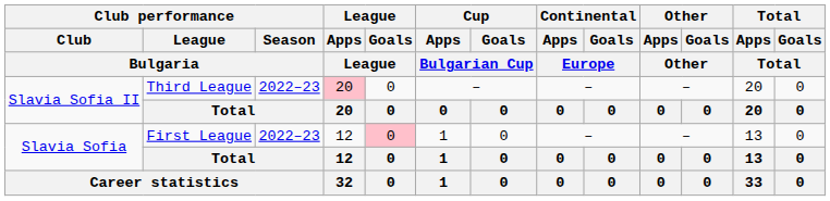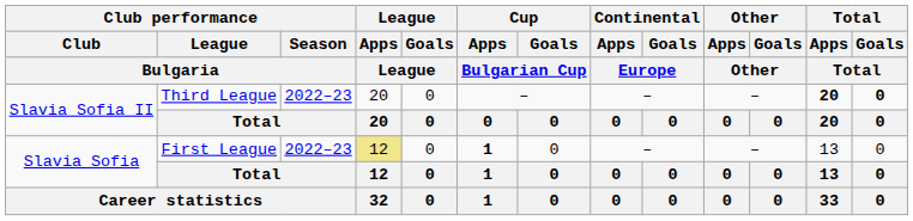 <table class="wikitable" style="text-align: center">
 <tr>
 <th Colspan="3">Club performance</th>
 <th Colspan="2">League</th>
 <th Colspan="2">Cup</th>
 <th Colspan="2">Continental</th>
 <th Colspan="2">Other</th>
 <th Colspan="3">Total</th>
 </tr>
 <tr>
 <th>Club</th>
 <th>League</th>
 <th>Season</th>
 <th>Apps</th>
 <th>Goals</th>
 <th>Apps</th>
 <th>Goals</th>
 <th>Apps</th>
 <th>Goals</th>
 <th>Apps</th>
 <th>Goals</th>
 <th>Apps</th>
 <th>Goals</th>
 </tr>
 <tr>
 <th Colspan="3">Bulgaria</th>
 <th Colspan="2">League</th>
 <th Colspan="2"><a href='#'>Bulgarian Cup</a></th>
 <th Colspan="2"><a href='#'>Europe</a></th>
 <th Colspan="2">Other</th>
 <th Colspan="2">Total</th>
 </tr>
 <tr>
 <td rowspan="2" valign="center"><a href='#'>Slavia Sofia II</a></td>
 <td rowspan="1"><a href='#'>Third League</a></td>
 <td><a href='#'>2022–23</a></td>
-<td style="background: pink;">20</td>
+<td>20</td>
 <td>0</td>
 <td colspan="2">–</td>
 <td colspan="2">–</td>
 <td colspan="2">–</td>
-<td>20</td>
-<td>0</td>
+<td><strong>20</strong></td>
+<td><strong>0</strong></td>
 </tr>
 <tr>
 <th colspan=2>Total</th>
 <th>20</th>
 <th>0</th>
 <th>0</th>
 <th>0</th>
 <th>0</th>
 <th>0</th>
 <th>0</th>
 <th>0</th>
 <th>20</th>
 <th>0</th>
 </tr>
 <tr>
 <td rowspan="2" valign="center"><a href='#'>Slavia Sofia</a></td>
 <td rowspan="1"><a href='#'>First League</a></td>
 <td><a href='#'>2022–23</a></td>
-<td>12</td>
-<td style="background: pink;">0</td>
-<td>1</td>
+<td style="background: khaki;">12</td>
+<td>0</td>
+<td><strong>1</strong></td>
 <td>0</td>
 <td colspan="2">–</td>
 <td colspan="2">–</td>
 <td>13</td>
 <td>0</td>
 </tr>
 <tr>
 <th colspan=2>Total</th>
 <th>12</th>
 <th>0</th>
 <th>1</th>
 <th>0</th>
 <th>0</th>
 <th>0</th>
 <th>0</th>
 <th>0</th>
 <th>13</th>
 <th>0</th>
 </tr>
 <tr>
 <th colspan="3">Career statistics</th>
 <th>32</th>
 <th>0</th>
 <th>1</th>
 <th>0</th>
 <th>0</th>
 <th>0</th>
 <th>0</th>
 <th>0</th>
 <th>33</th>
 <th>0</th>
 </tr>
 </table>
